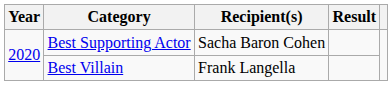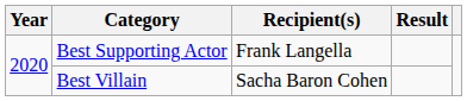 <table class="wikitable unsortable plainrowheaders">
 <tr>
 <th scope="col">Year</th>
 <th scope="col">Category</th>
 <th scope="col">Recipient(s)</th>
 <th scope="col">Result</th>
 <th scope="col" class="unsortable"></th>
 </tr>
 <tr>
 <td rowspan="2"><a href='#'>2020</a></td>
 <td><a href='#'>Best Supporting Actor</a></td>
-<td>Sacha Baron Cohen</td>
+<td>Frank Langella</td>
 <td></td>
 <td rowspan="2" align="center"></td>
 </tr>
 <tr>
 <td><a href='#'>Best Villain</a></td>
-<td>Frank Langella</td>
+<td>Sacha Baron Cohen</td>
 <td></td>
 </tr>
 <tr>
 </tr>
 </table>
